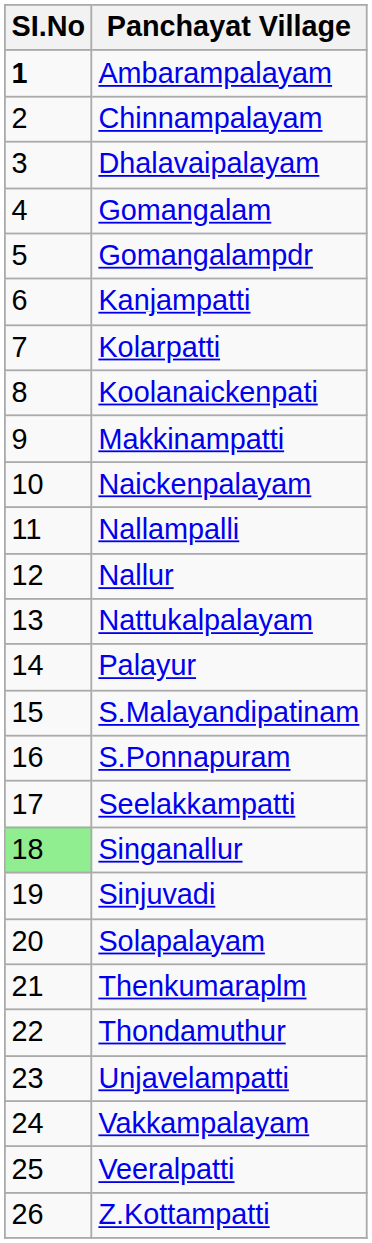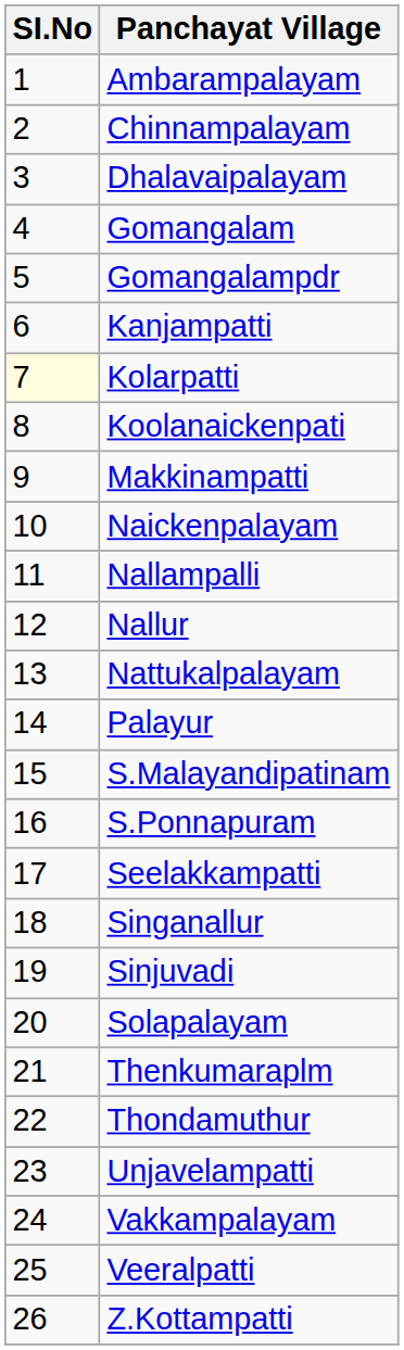 <table class="wikitable sortable">
 <tr>
 <th>SI.No</th>
 <th>Panchayat Village</th>
 </tr>
 <tr>
-<td><strong>1</strong></td>
+<td>1</td>
 <td><a href='#'>Ambarampalayam</a></td>
 </tr>
 <tr>
 <td>2</td>
 <td><a href='#'>Chinnampalayam</a></td>
 </tr>
 <tr>
 <td>3</td>
 <td><a href='#'>Dhalavaipalayam</a></td>
 </tr>
 <tr>
 <td>4</td>
 <td><a href='#'>Gomangalam</a></td>
 </tr>
 <tr>
 <td>5</td>
 <td><a href='#'>Gomangalampdr</a></td>
 </tr>
 <tr>
 <td>6</td>
 <td><a href='#'>Kanjampatti</a></td>
 </tr>
 <tr>
-<td>7</td>
+<td style="background: lightyellow;">7</td>
 <td><a href='#'>Kolarpatti</a></td>
 </tr>
 <tr>
 <td>8</td>
 <td><a href='#'>Koolanaickenpati</a></td>
 </tr>
 <tr>
 <td>9</td>
 <td><a href='#'>Makkinampatti</a></td>
 </tr>
 <tr>
 <td>10</td>
 <td><a href='#'>Naickenpalayam</a></td>
 </tr>
 <tr>
 <td>11</td>
 <td><a href='#'>Nallampalli</a></td>
 </tr>
 <tr>
 <td>12</td>
 <td><a href='#'>Nallur</a></td>
 </tr>
 <tr>
 <td>13</td>
 <td><a href='#'>Nattukalpalayam</a></td>
 </tr>
 <tr>
 <td>14</td>
 <td><a href='#'>Palayur</a></td>
 </tr>
 <tr>
 <td>15</td>
 <td><a href='#'>S.Malayandipatinam</a></td>
 </tr>
 <tr>
 <td>16</td>
 <td><a href='#'>S.Ponnapuram</a></td>
 </tr>
 <tr>
 <td>17</td>
 <td><a href='#'>Seelakkampatti</a></td>
 </tr>
 <tr>
-<td style="background: lightgreen;">18</td>
+<td>18</td>
 <td><a href='#'>Singanallur</a></td>
 </tr>
 <tr>
 <td>19</td>
 <td><a href='#'>Sinjuvadi</a></td>
 </tr>
 <tr>
 <td>20</td>
 <td><a href='#'>Solapalayam</a></td>
 </tr>
 <tr>
 <td>21</td>
 <td><a href='#'>Thenkumaraplm</a></td>
 </tr>
 <tr>
 <td>22</td>
 <td><a href='#'>Thondamuthur</a></td>
 </tr>
 <tr>
 <td>23</td>
 <td><a href='#'>Unjavelampatti</a></td>
 </tr>
 <tr>
 <td>24</td>
 <td><a href='#'>Vakkampalayam</a></td>
 </tr>
 <tr>
 <td>25</td>
 <td><a href='#'>Veeralpatti</a></td>
 </tr>
 <tr>
 <td>26</td>
 <td><a href='#'>Z.Kottampatti</a></td>
 </tr>
 </table>
